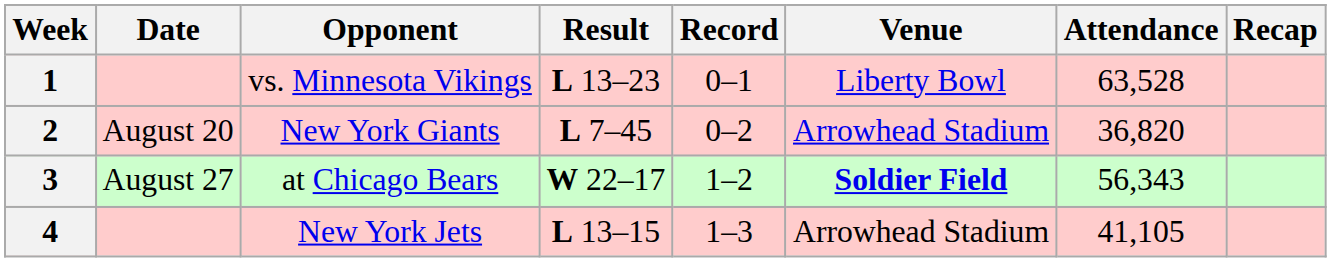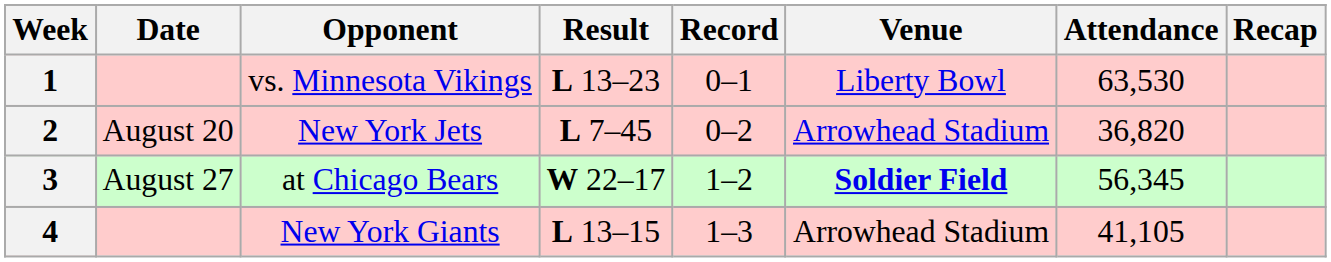 <table class="wikitable" style="text-align:center">
 <tr>
 <th>Week</th>
 <th>Date</th>
 <th>Opponent</th>
 <th>Result</th>
 <th>Record</th>
 <th>Venue</th>
 <th>Attendance</th>
 <th>Recap</th>
 </tr>
 <tr style="background:#fcc">
 <th>1</th>
 <td></td>
 <td>vs. <a href='#'>Minnesota Vikings</a></td>
 <td><strong>L</strong> 13–23</td>
 <td>0–1</td>
 <td><a href='#'>Liberty Bowl</a> </td>
-<td>63,528</td>
+<td>63,530</td>
 <td></td>
 </tr>
 <tr style="background:#fcc">
 <th>2</th>
 <td>August 20</td>
-<td><a href='#'>New York Giants</a></td>
+<td><a href='#'>New York Jets</a></td>
 <td><strong>L</strong> 7–45</td>
 <td>0–2</td>
 <td><a href='#'>Arrowhead Stadium</a></td>
 <td>36,820</td>
 <td></td>
 </tr>
 <tr style="background:#cfc">
 <th>3</th>
 <td>August 27</td>
 <td>at <a href='#'>Chicago Bears</a></td>
 <td><strong>W</strong> 22–17</td>
 <td>1–2</td>
 <td><strong><a href='#'>Soldier Field</a></strong></td>
-<td>56,343</td>
+<td>56,345</td>
 <td></td>
 </tr>
 <tr style="background:#fcc">
 <th>4</th>
 <td></td>
-<td><a href='#'>New York Jets</a></td>
+<td><a href='#'>New York Giants</a></td>
 <td><strong>L</strong> 13–15 </td>
 <td>1–3</td>
 <td>Arrowhead Stadium</td>
 <td>41,105</td>
 <td></td>
 </tr>
 </table>
